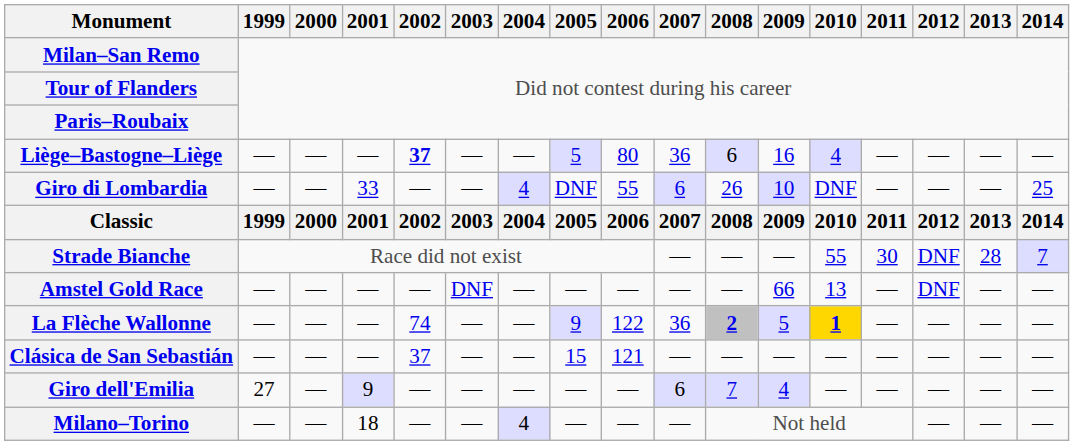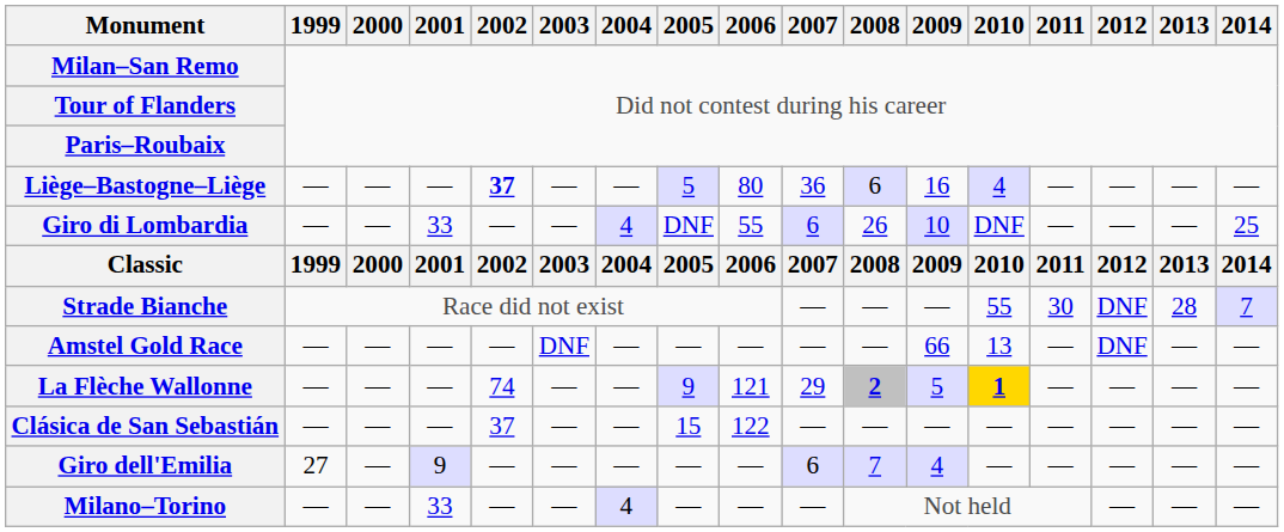 <table class="wikitable plainrowheaders">
 <tr>
 <th>Monument</th>
 <th scope="col">1999</th>
 <th scope="col">2000</th>
 <th scope="col">2001</th>
 <th scope="col">2002</th>
 <th scope="col">2003</th>
 <th scope="col">2004</th>
 <th scope="col">2005</th>
 <th scope="col">2006</th>
 <th scope="col">2007</th>
 <th scope="col">2008</th>
 <th scope="col">2009</th>
 <th scope="col">2010</th>
 <th scope="col">2011</th>
 <th scope="col">2012</th>
 <th scope="col">2013</th>
 <th scope="col">2014</th>
 </tr>
 <tr style="text-align:center;">
 <th scope="row"><a href='#'>Milan–San Remo</a></th>
 <td style="color:#4d4d4d;" colspan=16 rowspan=3>Did not contest during his career</td>
 </tr>
 <tr style="text-align:center;">
 <th scope="row"><a href='#'>Tour of Flanders</a></th>
 </tr>
 <tr style="text-align:center;">
 <th scope="row"><a href='#'>Paris–Roubaix</a></th>
 </tr>
 <tr style="text-align:center;">
 <th scope="row"><a href='#'>Liège–Bastogne–Liège</a></th>
 <td>—</td>
 <td>—</td>
 <td>—</td>
 <td><strong><a href='#'>37</a></strong></td>
 <td>—</td>
 <td>—</td>
 <td style="background:#ddf;"><a href='#'>5</a></td>
 <td><a href='#'>80</a></td>
 <td><a href='#'>36</a></td>
 <td style="background:#ddf;">6</td>
 <td><a href='#'>16</a></td>
 <td style="background:#ddf;"><a href='#'>4</a></td>
 <td>—</td>
 <td>—</td>
 <td>—</td>
 <td>—</td>
 </tr>
 <tr style="text-align:center;">
 <th scope="row"><a href='#'>Giro di Lombardia</a></th>
 <td>—</td>
 <td>—</td>
 <td><a href='#'>33</a></td>
 <td>—</td>
 <td>—</td>
 <td style="background:#ddf;"><a href='#'>4</a></td>
 <td><a href='#'>DNF</a></td>
 <td><a href='#'>55</a></td>
 <td style="background:#ddf;"><a href='#'>6</a></td>
 <td><a href='#'>26</a></td>
 <td style="background:#ddf;"><a href='#'>10</a></td>
 <td><a href='#'>DNF</a></td>
 <td>—</td>
 <td>—</td>
 <td>—</td>
 <td><a href='#'>25</a></td>
 </tr>
 <tr>
 <th>Classic</th>
 <th scope="col">1999</th>
 <th scope="col">2000</th>
 <th scope="col">2001</th>
 <th scope="col">2002</th>
 <th scope="col">2003</th>
 <th scope="col">2004</th>
 <th scope="col">2005</th>
 <th scope="col">2006</th>
 <th scope="col">2007</th>
 <th scope="col">2008</th>
 <th scope="col">2009</th>
 <th scope="col">2010</th>
 <th scope="col">2011</th>
 <th scope="col">2012</th>
 <th scope="col">2013</th>
 <th scope="col">2014</th>
 </tr>
 <tr style="text-align:center;">
 <th scope="row"><a href='#'>Strade Bianche</a></th>
 <td style="color:#4d4d4d;" colspan=8>Race did not exist</td>
 <td>—</td>
 <td>—</td>
 <td>—</td>
 <td><a href='#'>55</a></td>
 <td><a href='#'>30</a></td>
 <td><a href='#'>DNF</a></td>
 <td><a href='#'>28</a></td>
 <td style="background:#ddf;"><a href='#'>7</a></td>
 </tr>
 <tr style="text-align:center;">
 <th scope="row"><a href='#'>Amstel Gold Race</a></th>
 <td>—</td>
 <td>—</td>
 <td>—</td>
 <td>—</td>
 <td><a href='#'>DNF</a></td>
 <td>—</td>
 <td>—</td>
 <td>—</td>
 <td>—</td>
 <td>—</td>
 <td><a href='#'>66</a></td>
 <td><a href='#'>13</a></td>
 <td>—</td>
 <td><a href='#'>DNF</a></td>
 <td>—</td>
 <td>—</td>
 </tr>
 <tr style="text-align:center;">
 <th scope="row"><a href='#'>La Flèche Wallonne</a></th>
 <td>—</td>
 <td>—</td>
 <td>—</td>
 <td><a href='#'>74</a></td>
 <td>—</td>
 <td>—</td>
 <td style="background:#ddf;"><a href='#'>9</a></td>
-<td><a href='#'>122</a></td>
-<td><a href='#'>36</a></td>
+<td><a href='#'>121</a></td>
+<td><a href='#'>29</a></td>
 <td style="background:silver;"><a href='#'><strong>2</strong></a></td>
 <td style="background:#ddf;"><a href='#'>5</a></td>
 <td style="background:gold;"><a href='#'><strong>1</strong></a></td>
 <td>—</td>
 <td>—</td>
 <td>—</td>
 <td>—</td>
 </tr>
 <tr style="text-align:center;">
 <th scope="row"><a href='#'>Clásica de San Sebastián</a></th>
 <td>—</td>
 <td>—</td>
 <td>—</td>
 <td><a href='#'>37</a></td>
 <td>—</td>
 <td>—</td>
 <td><a href='#'>15</a></td>
-<td><a href='#'>121</a></td>
+<td><a href='#'>122</a></td>
 <td>—</td>
 <td>—</td>
 <td>—</td>
 <td>—</td>
 <td>—</td>
 <td>—</td>
 <td>—</td>
 <td>—</td>
 </tr>
 <tr style="text-align:center;">
 <th scope="row"><a href='#'>Giro dell'Emilia</a></th>
 <td>27</td>
 <td>—</td>
 <td style="background:#ddf;">9</td>
 <td>—</td>
 <td>—</td>
 <td>—</td>
 <td>—</td>
 <td>—</td>
 <td style="background:#ddf;">6</td>
 <td style="background:#ddf;"><a href='#'>7</a></td>
 <td style="background:#ddf;"><a href='#'>4</a></td>
 <td>—</td>
 <td>—</td>
 <td>—</td>
 <td>—</td>
 <td>—</td>
 </tr>
 <tr style="text-align:center;">
 <th scope="row"><a href='#'>Milano–Torino</a></th>
 <td>—</td>
 <td>—</td>
-<td>18</td>
+<td><a href='#'>33</a></td>
 <td>—</td>
 <td>—</td>
 <td style="background:#ddf;">4</td>
 <td>—</td>
 <td>—</td>
 <td>—</td>
 <td style="color:#4d4d4d;" colspan=4>Not held</td>
 <td>—</td>
 <td>—</td>
 <td>—</td>
 </tr>
 </table>
